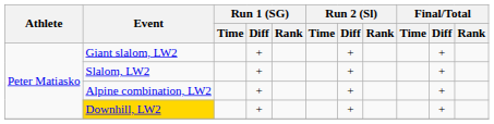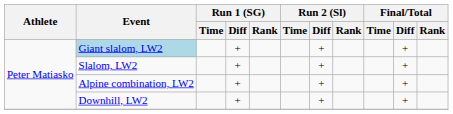 <table class="wikitable" style="font-size:100%">
 <tr>
 <th rowspan="2">Athlete</th>
 <th rowspan="2">Event</th>
 <th colspan="3">Run 1 (SG)</th>
 <th colspan="3">Run 2 (Sl)</th>
 <th colspan="3">Final/Total</th>
 </tr>
 <tr>
 <th>Time</th>
 <th>Diff</th>
 <th>Rank</th>
 <th>Time</th>
 <th>Diff</th>
 <th>Rank</th>
 <th>Time</th>
 <th>Diff</th>
 <th>Rank</th>
 </tr>
 <tr>
 <td rowspan=4><a href='#'>Peter Matiasko</a></td>
-<td><a href='#'>Giant slalom, LW2</a></td>
+<td style="background: lightblue;"><a href='#'>Giant slalom, LW2</a></td>
 <td align="center"></td>
 <td align="center">+</td>
 <td align="center"></td>
 <td align="center"></td>
 <td align="center">+</td>
 <td align="center"></td>
 <td align="center"></td>
 <td align="center">+</td>
 <td colspan="3" align="center"></td>
 </tr>
 <tr>
 <td><a href='#'>Slalom, LW2</a></td>
 <td align="center"></td>
 <td align="center">+</td>
 <td align="center"></td>
 <td align="center"></td>
 <td align="center">+</td>
 <td align="center"></td>
 <td align="center"></td>
 <td align="center">+</td>
 <td colspan="3" align="center"></td>
 </tr>
 <tr>
 <td><a href='#'>Alpine combination, LW2</a></td>
 <td align="center"></td>
 <td align="center">+</td>
 <td align="center"></td>
 <td align="center"></td>
 <td align="center">+</td>
 <td align="center"></td>
 <td align="center"></td>
 <td align="center">+</td>
 <td colspan="3" align="center"></td>
 </tr>
 <tr>
-<td style="background: gold;"><a href='#'>Downhill, LW2</a></td>
+<td><a href='#'>Downhill, LW2</a></td>
 <td align="center"></td>
 <td align="center">+</td>
 <td align="center"></td>
 <td align="center"></td>
 <td align="center">+</td>
 <td align="center"></td>
 <td align="center"></td>
 <td align="center">+</td>
 <td colspan="3" align="center"></td>
 </tr>
 <tr>
 </tr>
 </table>
